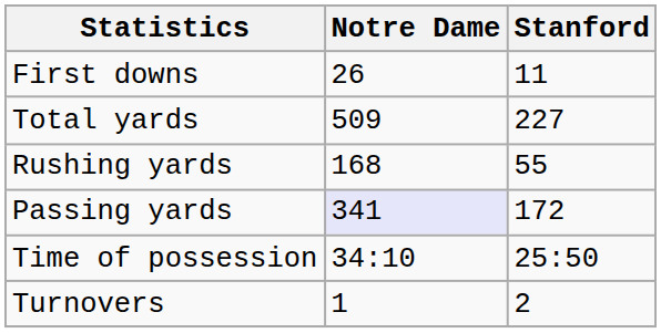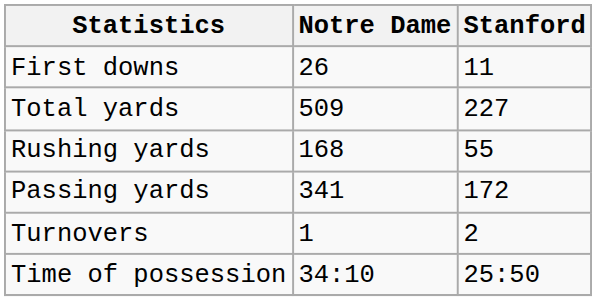 <table class="wikitable">
 <tr>
 <th>Statistics</th>
 <th>Notre Dame</th>
 <th>Stanford</th>
 </tr>
 <tr>
 <td>First downs</td>
 <td>26</td>
 <td>11</td>
 </tr>
 <tr>
 <td>Total yards</td>
 <td>509</td>
 <td>227</td>
 </tr>
 <tr>
 <td>Rushing yards</td>
 <td>168</td>
 <td>55</td>
 </tr>
 <tr>
 <td>Passing yards</td>
-<td style="background: lavender;">341</td>
+<td>341</td>
 <td>172</td>
+</tr>
+<tr>
+<td>Turnovers</td>
+<td>1</td>
+<td>2</td>
 </tr>
 <tr>
 <td>Time of possession</td>
 <td>34:10</td>
 <td>25:50</td>
 </tr>
 <tr>
-<td>Turnovers</td>
-<td>1</td>
-<td>2</td>
-</tr>
-<tr>
 </tr>
 </table>
